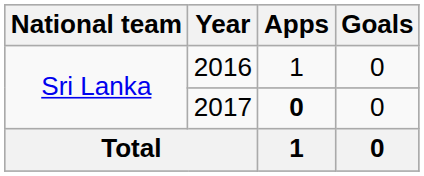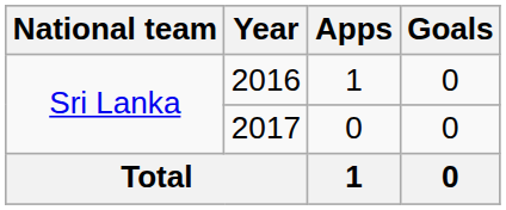 <table class="wikitable" style="text-align:center">
 <tr>
 <th>National team</th>
 <th>Year</th>
 <th>Apps</th>
 <th>Goals</th>
 </tr>
 <tr>
 <td rowspan="2"><a href='#'>Sri Lanka</a></td>
 <td>2016</td>
 <td>1</td>
 <td>0</td>
 </tr>
 <tr>
 <td>2017</td>
-<td><strong>0</strong></td>
+<td>0</td>
 <td>0</td>
 </tr>
 <tr>
 <th colspan=2>Total</th>
 <th>1</th>
 <th>0</th>
 </tr>
 </table>
